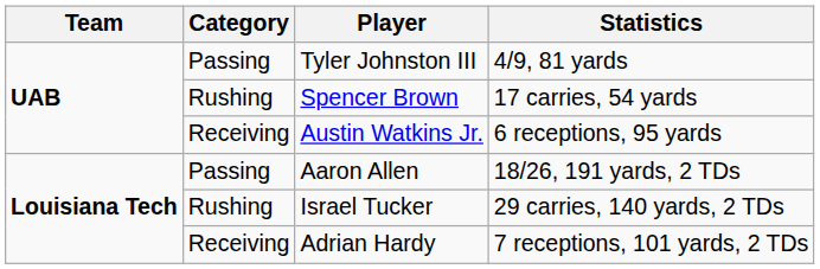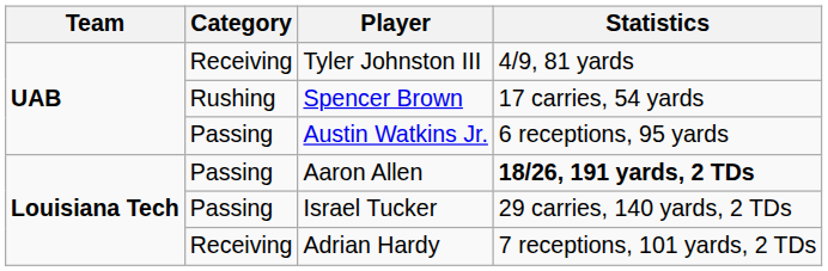 <table class="wikitable" style="float: left;">
 <tr>
 <th>Team</th>
 <th>Category</th>
 <th>Player</th>
 <th>Statistics</th>
 </tr>
 <tr>
 <td rowspan=3><strong>UAB</strong></td>
-<td>Passing</td>
+<td>Receiving</td>
 <td>Tyler Johnston III</td>
 <td>4/9, 81 yards</td>
 </tr>
 <tr>
 <td>Rushing</td>
 <td><a href='#'>Spencer Brown</a></td>
 <td>17 carries, 54 yards</td>
 </tr>
 <tr>
-<td>Receiving</td>
+<td>Passing</td>
 <td><a href='#'>Austin Watkins Jr.</a></td>
 <td>6 receptions, 95 yards</td>
 </tr>
 <tr>
 <td rowspan=3><strong>Louisiana Tech</strong></td>
 <td>Passing</td>
 <td>Aaron Allen</td>
-<td>18/26, 191 yards, 2 TDs</td>
+<td><strong>18/26, 191 yards, 2 TDs</strong></td>
 </tr>
 <tr>
-<td>Rushing</td>
+<td>Passing</td>
 <td>Israel Tucker</td>
 <td>29 carries, 140 yards, 2 TDs</td>
 </tr>
 <tr>
 <td>Receiving</td>
 <td>Adrian Hardy</td>
 <td>7 receptions, 101 yards, 2 TDs</td>
 </tr>
 </table>
